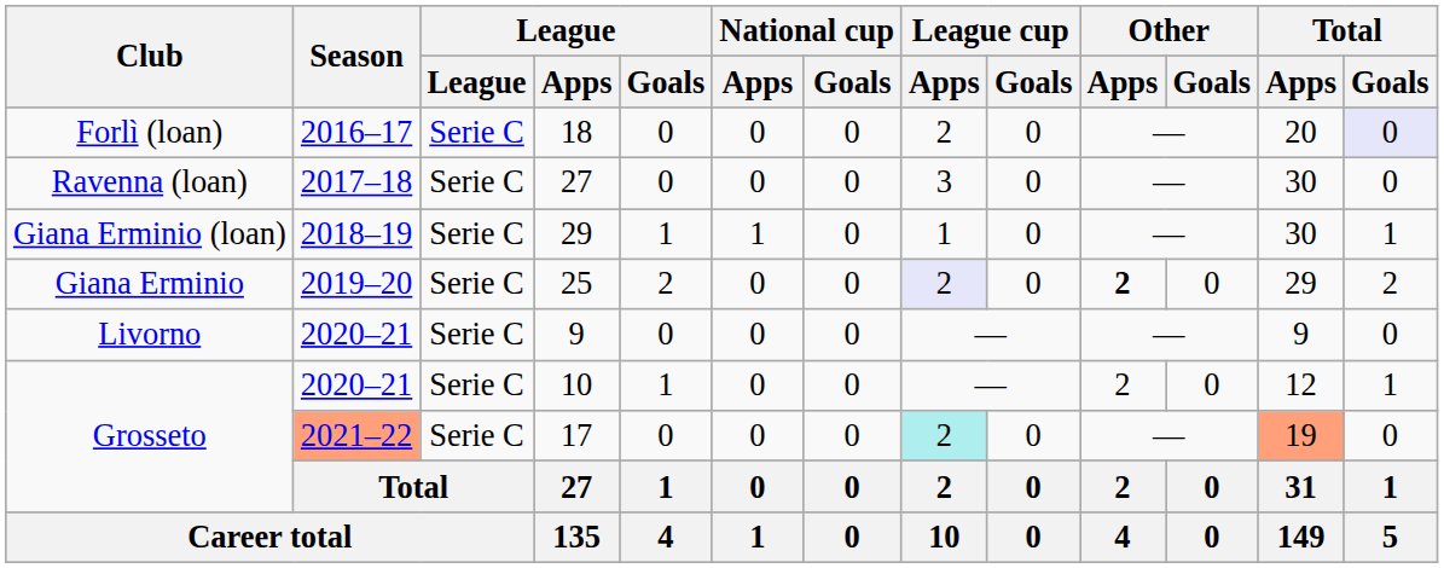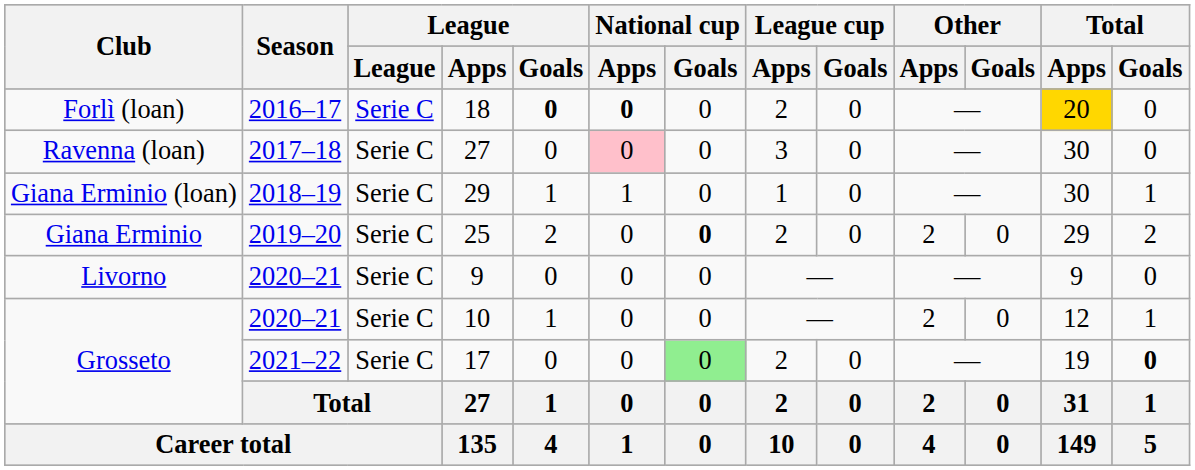 <table class="wikitable" style="text-align: center;">
 <tr>
 <th rowspan="2">Club</th>
 <th rowspan="2">Season</th>
 <th colspan="3">League</th>
 <th colspan="2">National cup</th>
 <th colspan="2">League cup</th>
 <th colspan="2">Other</th>
 <th colspan="2">Total</th>
 </tr>
 <tr>
 <th>League</th>
 <th>Apps</th>
 <th>Goals</th>
 <th>Apps</th>
 <th>Goals</th>
 <th>Apps</th>
 <th>Goals</th>
 <th>Apps</th>
 <th>Goals</th>
 <th>Apps</th>
 <th>Goals</th>
 </tr>
 <tr>
 <td><a href='#'>Forlì</a> (loan)</td>
 <td><a href='#'>2016–17</a></td>
 <td><a href='#'>Serie C</a></td>
 <td>18</td>
-<td>0</td>
-<td>0</td>
+<td><strong>0</strong></td>
+<td><strong>0</strong></td>
 <td>0</td>
 <td>2</td>
 <td>0</td>
 <td colspan="2">—</td>
-<td>20</td>
-<td style="background: lavender;">0</td>
+<td style="background: gold;">20</td>
+<td>0</td>
 </tr>
 <tr>
 <td><a href='#'>Ravenna</a> (loan)</td>
 <td><a href='#'>2017–18</a></td>
 <td>Serie C</td>
 <td>27</td>
 <td>0</td>
-<td>0</td>
+<td style="background: pink;">0</td>
 <td>0</td>
 <td>3</td>
 <td>0</td>
 <td colspan="2">—</td>
 <td>30</td>
 <td>0</td>
 </tr>
 <tr>
 <td><a href='#'>Giana Erminio</a> (loan)</td>
 <td><a href='#'>2018–19</a></td>
 <td>Serie C</td>
 <td>29</td>
 <td>1</td>
 <td>1</td>
 <td>0</td>
 <td>1</td>
 <td>0</td>
 <td colspan="2">—</td>
 <td>30</td>
 <td>1</td>
 </tr>
 <tr>
 <td><a href='#'>Giana Erminio</a></td>
 <td><a href='#'>2019–20</a></td>
 <td>Serie C</td>
 <td>25</td>
 <td>2</td>
 <td>0</td>
+<td><strong>0</strong></td>
+<td>2</td>
 <td>0</td>
-<td style="background: lavender;">2</td>
-<td>0</td>
-<td><strong>2</strong></td>
+<td>2</td>
 <td>0</td>
 <td>29</td>
 <td>2</td>
 </tr>
 <tr>
 <td><a href='#'>Livorno</a></td>
 <td><a href='#'>2020–21</a></td>
 <td>Serie C</td>
 <td>9</td>
 <td>0</td>
 <td>0</td>
 <td>0</td>
 <td colspan="2">—</td>
 <td colspan="2">—</td>
 <td>9</td>
 <td>0</td>
 </tr>
 <tr>
 <td rowspan="3"><a href='#'>Grosseto</a></td>
 <td><a href='#'>2020–21</a></td>
 <td>Serie C</td>
 <td>10</td>
 <td>1</td>
 <td>0</td>
 <td>0</td>
 <td colspan="2">—</td>
 <td>2</td>
 <td>0</td>
 <td>12</td>
 <td>1</td>
 </tr>
 <tr>
-<td style="background: lightsalmon;"><a href='#'>2021–22</a></td>
+<td><a href='#'>2021–22</a></td>
 <td>Serie C</td>
 <td>17</td>
 <td>0</td>
 <td>0</td>
-<td>0</td>
-<td style="background: paleturquoise;">2</td>
+<td style="background: lightgreen;">0</td>
+<td>2</td>
 <td>0</td>
 <td colspan="2">—</td>
-<td style="background: lightsalmon;">19</td>
-<td>0</td>
+<td>19</td>
+<td><strong>0</strong></td>
 </tr>
 <tr>
 <th colspan="2">Total</th>
 <th>27</th>
 <th>1</th>
 <th>0</th>
 <th>0</th>
 <th>2</th>
 <th>0</th>
 <th>2</th>
 <th>0</th>
 <th>31</th>
 <th>1</th>
 </tr>
 <tr>
 <th colspan="3">Career total</th>
 <th>135</th>
 <th>4</th>
 <th>1</th>
 <th>0</th>
 <th>10</th>
 <th>0</th>
 <th>4</th>
 <th>0</th>
 <th>149</th>
 <th>5</th>
 </tr>
 </table>
